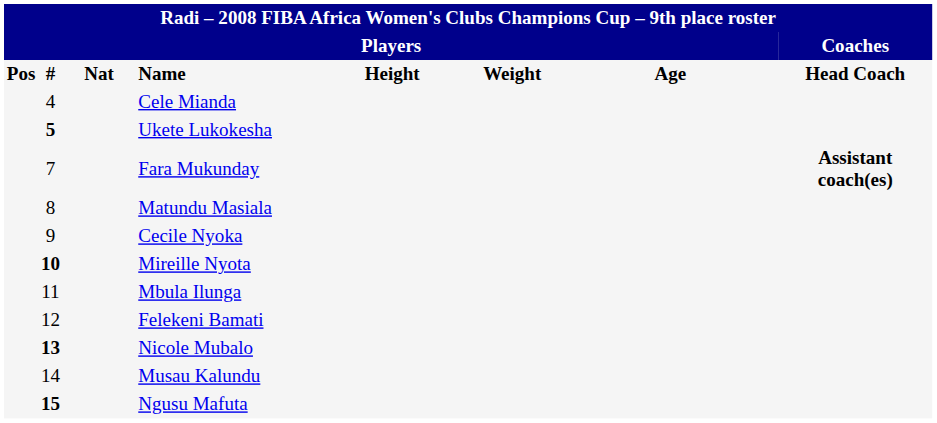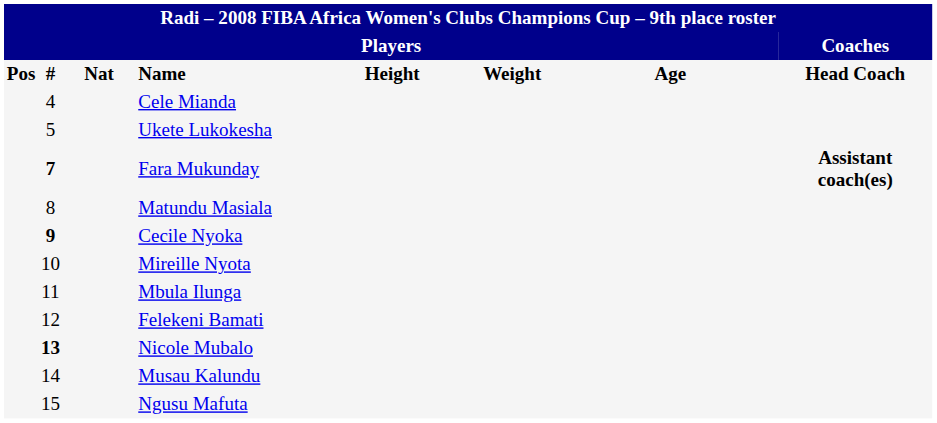 <table border=0 cellpadding=2 cellspacing=0  |- bgcolor=#f5f5f5 style="text-align:center; font-size:85%;" width=75%>
 <tr>
 <td colspan="8" style="background: #00008b; color: white"><strong>Radi – 2008 FIBA Africa Women's Clubs Champions Cup – 9th place roster</strong></td>
 </tr>
 <tr>
 <td colspan="7" style="background: #00008b; color: white"><strong>Players</strong></td>
 <td style="background: #00008b; color: white"><strong>Coaches</strong></td>
 </tr>
 <tr style="background=#f5f5f5; color: black">
 <th width=5px>Pos</th>
 <th width=5px>#</th>
 <th width=50px>Nat</th>
 <th width=135px align=left>Name</th>
 <th width=100px>Height</th>
 <th width=70px>Weight</th>
 <th width=160px>Age</th>
 <th width=110px>Head Coach</th>
 </tr>
 <tr>
 <td></td>
 <td>4</td>
 <td></td>
 <td align=left><a href='#'>Cele Mianda</a></td>
 <td></td>
 <td></td>
 <td><span></span></td>
 <td> <a href='#'></a></td>
 </tr>
 <tr>
 <td></td>
-<td><strong>5</strong></td>
+<td>5</td>
 <td></td>
 <td align=left><a href='#'>Ukete Lukokesha</a></td>
 <td></td>
 <td></td>
 <td><span></span></td>
 </tr>
 <tr>
 <td></td>
-<td>7</td>
+<td><strong>7</strong></td>
 <td></td>
 <td align=left><a href='#'>Fara Mukunday</a></td>
 <td></td>
 <td></td>
 <td><span></span></td>
 <td><strong>Assistant coach(es)</strong></td>
 </tr>
 <tr>
 <td></td>
 <td>8</td>
 <td></td>
 <td align=left><a href='#'>Matundu Masiala</a></td>
 <td></td>
 <td></td>
 <td><span></span></td>
 <td></td>
 </tr>
 <tr>
 <td></td>
-<td>9</td>
+<td><strong>9</strong></td>
 <td></td>
 <td align=left><a href='#'>Cecile Nyoka</a></td>
 <td><span></span></td>
 <td></td>
 <td><span></span></td>
 </tr>
 <tr>
 <td></td>
-<td><strong>10</strong></td>
+<td>10</td>
 <td></td>
 <td align=left><a href='#'>Mireille Nyota</a></td>
 <td></td>
 <td></td>
 <td><span></span></td>
 </tr>
 <tr>
 <td></td>
 <td>11</td>
 <td></td>
 <td align=left><a href='#'>Mbula Ilunga</a></td>
 <td></td>
 <td></td>
 <td><span></span></td>
 </tr>
 <tr>
 <td></td>
 <td>12</td>
 <td></td>
 <td align=left><a href='#'>Felekeni Bamati</a></td>
 <td></td>
 <td></td>
 <td><span></span></td>
 </tr>
 <tr>
 <td></td>
 <td><strong>13</strong></td>
 <td></td>
 <td align=left><a href='#'>Nicole Mubalo</a></td>
 <td></td>
 <td></td>
 <td><span></span></td>
 </tr>
 <tr>
 <td></td>
 <td>14</td>
 <td></td>
 <td align=left><a href='#'>Musau Kalundu</a></td>
 <td></td>
 <td></td>
 <td><span></span></td>
 </tr>
 <tr>
 <td></td>
-<td><strong>15</strong></td>
+<td>15</td>
 <td></td>
 <td align=left><a href='#'>Ngusu Mafuta</a></td>
 <td></td>
 <td></td>
 <td><span></span></td>
 </tr>
 </table>
